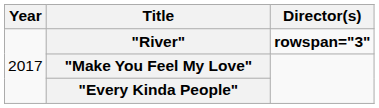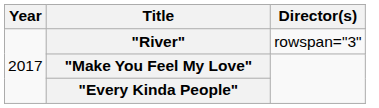 <table class="wikitable plainrowheaders" style="text-align:center">
 <tr>
 <th scope="col" style="width:1em;">Year</th>
 <th scope="col" style="width:14em;">Title</th>
 <th scope="col">Director(s)</th>
 </tr>
 <tr>
 <td rowspan="3">2017</td>
 <th scope="row">"River"</th>
-<td><strong>rowspan="3" </strong></td>
+<td>rowspan="3" </td>
 </tr>
 <tr>
 <th scope="row">"Make You Feel My Love"</th>
 </tr>
 <tr>
 <th scope="row">"Every Kinda People"</th>
 </tr>
 </table>
